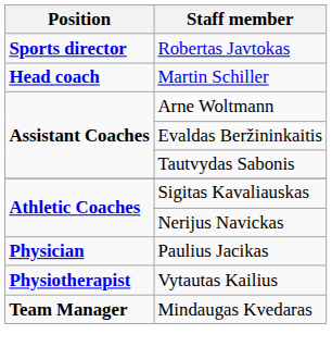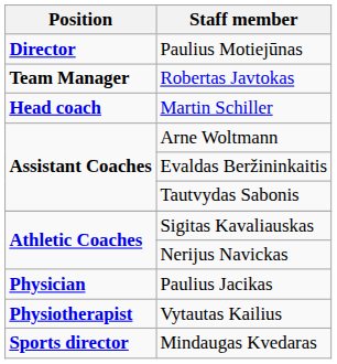 <table class="wikitable">
 <tr>
 <th>Position</th>
 <th>Staff member</th>
 </tr>
 <tr>
-<td><strong><a href='#'>Sports director</a></strong></td>
+<td><strong><a href='#'>Director</a></strong></td>
+<td> Paulius Motiejūnas</td>
+</tr>
+<tr>
+<td><strong>Team Manager</strong></td>
 <td> <a href='#'>Robertas Javtokas</a></td>
 </tr>
 <tr>
 <td><strong><a href='#'>Head coach</a></strong></td>
 <td> <a href='#'>Martin Schiller</a></td>
 </tr>
 <tr>
 <td rowspan=3><strong>Assistant Coaches</strong></td>
 <td>  Arne Woltmann</td>
 </tr>
 <tr>
 <td>  Evaldas Beržininkaitis</td>
 </tr>
 <tr>
 <td>  Tautvydas Sabonis</td>
 </tr>
 <tr>
 </tr>
 <tr>
 <td rowspan=2><strong><a href='#'>Athletic Coaches</a></strong></td>
 <td>  Sigitas Kavaliauskas</td>
 </tr>
 <tr>
 <td> Nerijus Navickas</td>
 </tr>
 <tr>
 <td><strong><a href='#'>Physician</a></strong></td>
 <td> Paulius Jacikas</td>
 </tr>
 <tr>
 <td><strong><a href='#'>Physiotherapist</a></strong></td>
 <td> Vytautas Kailius</td>
 </tr>
 <tr>
-<td><strong>Team Manager</strong></td>
+<td><strong><a href='#'>Sports director</a></strong></td>
 <td> Mindaugas Kvedaras</td>
 </tr>
 </table>
